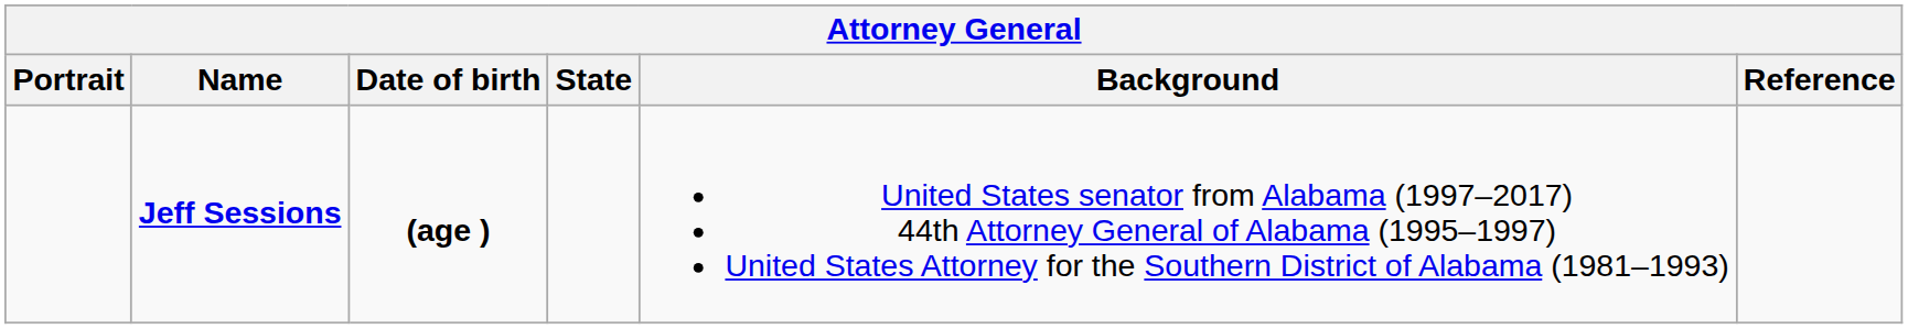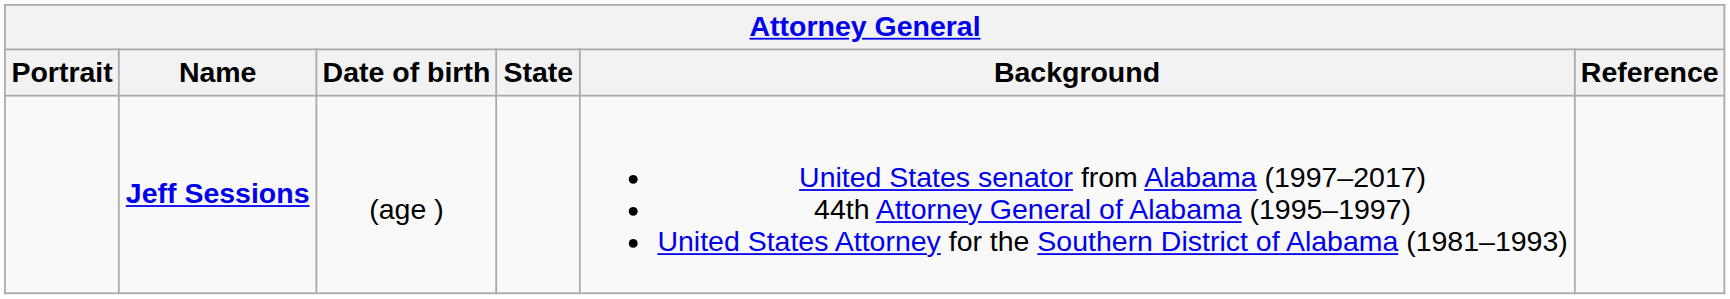 <table class="wikitable collapsible" style="text-align:center;">
 <tr>
 <th colspan="6"><a href='#'>Attorney General</a></th>
 </tr>
 <tr>
 <th>Portrait</th>
 <th>Name</th>
 <th>Date of birth</th>
 <th>State</th>
 <th>Background</th>
 <th>Reference</th>
 </tr>
 <tr>
 <td></td>
 <td><strong><a href='#'>Jeff Sessions</a></strong></td>
-<td><strong><br>(age )</strong></td>
+<td><br>(age )</td>
 <td></td>
 <td><br><ul><li><a href='#'>United States senator</a> from <a href='#'>Alabama</a> (1997–2017)</li><li>44th <a href='#'>Attorney General of Alabama</a> (1995–1997)</li><li><a href='#'>United States Attorney</a> for the <a href='#'>Southern District of Alabama</a> (1981–1993)</li></ul></td>
 <td></td>
 </tr>
 </table>
